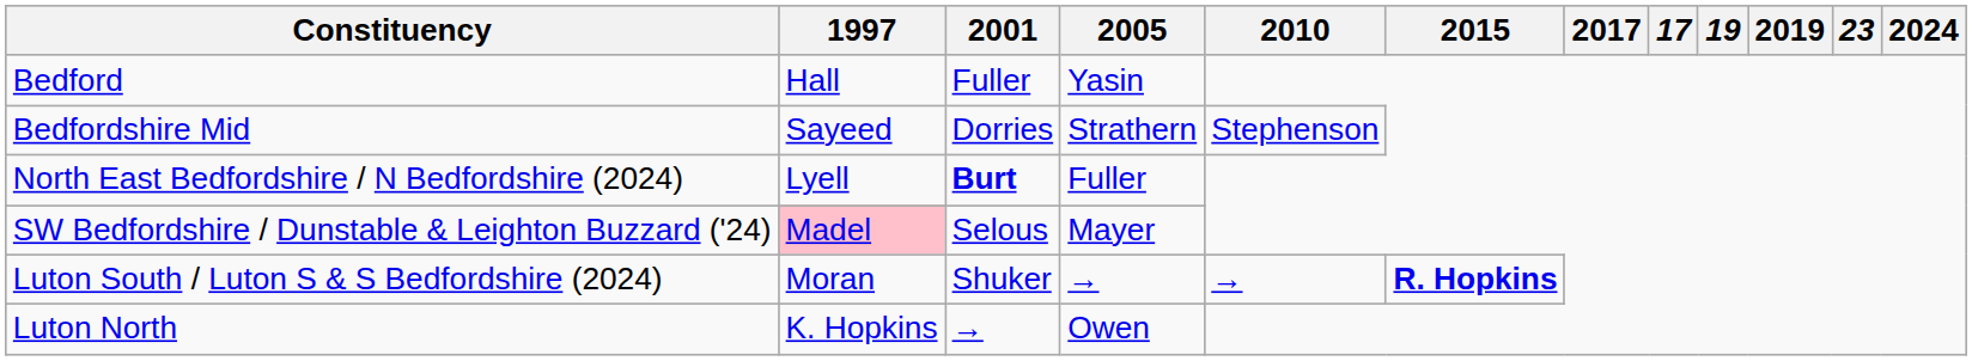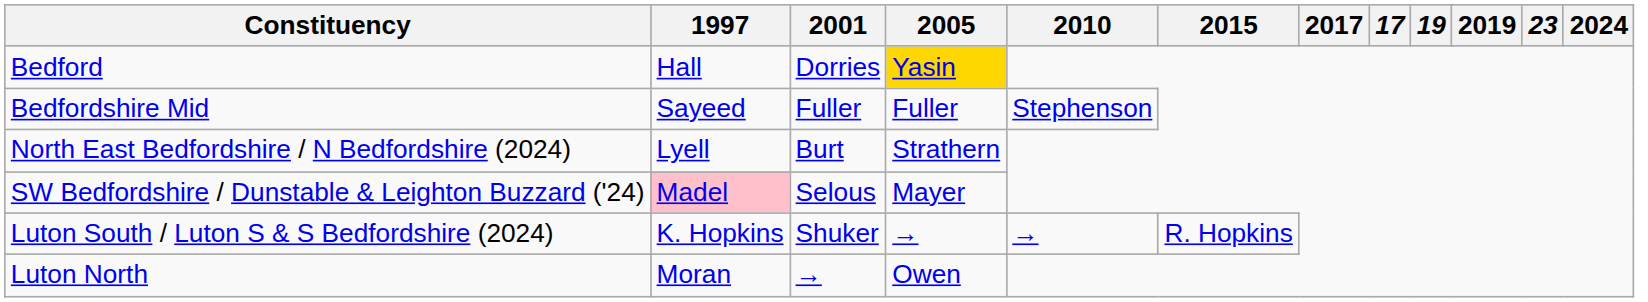 <table class="wikitable">
 <tr>
 <th>Constituency</th>
 <th>1997</th>
 <th>2001</th>
 <th>2005</th>
 <th>2010</th>
 <th>2015</th>
 <th>2017</th>
 <th><em>17</em></th>
 <th colspan="2"><em>19</em></th>
 <th>2019</th>
 <th><em>23</em></th>
 <th>2024</th>
 </tr>
 <tr>
 <td><a href='#'>Bedford</a></td>
 <td><a href='#'>Hall</a></td>
-<td><a href='#'>Fuller</a></td>
-<td><a href='#'>Yasin</a></td>
+<td><a href='#'>Dorries</a></td>
+<td style="background: gold;"><a href='#'>Yasin</a></td>
 </tr>
 <tr>
 <td><a href='#'>Bedfordshire Mid</a></td>
 <td><a href='#'>Sayeed</a></td>
-<td><a href='#'>Dorries</a></td>
-<td><a href='#'>Strathern</a></td>
+<td><a href='#'>Fuller</a></td>
+<td><a href='#'>Fuller</a></td>
 <td><a href='#'>Stephenson</a></td>
 </tr>
 <tr>
 <td><a href='#'>North East Bedfordshire</a> / <a href='#'>N Bedfordshire</a> (2024)</td>
 <td><a href='#'>Lyell</a></td>
-<td><strong><a href='#'>Burt</a></strong></td>
-<td><a href='#'>Fuller</a></td>
+<td><a href='#'>Burt</a></td>
+<td><a href='#'>Strathern</a></td>
 </tr>
 <tr>
 <td><a href='#'>SW Bedfordshire</a> / <a href='#'>Dunstable & Leighton Buzzard</a> ('24)</td>
 <td style="background: pink;"><a href='#'>Madel</a></td>
 <td><a href='#'>Selous</a></td>
 <td><a href='#'>Mayer</a></td>
 </tr>
 <tr>
 <td><a href='#'>Luton South</a> / <a href='#'>Luton S & S Bedfordshire</a> (2024)</td>
-<td><a href='#'>Moran</a></td>
+<td><a href='#'>K. Hopkins</a></td>
 <td><a href='#'>Shuker</a></td>
 <td><a href='#'>→</a></td>
 <td><a href='#'>→</a></td>
-<td><strong><a href='#'>R. Hopkins</a></strong></td>
+<td><a href='#'>R. Hopkins</a></td>
 </tr>
 <tr>
 <td><a href='#'>Luton North</a></td>
-<td><a href='#'>K. Hopkins</a></td>
+<td><a href='#'>Moran</a></td>
 <td><a href='#'>→</a></td>
 <td><a href='#'>Owen</a></td>
 </tr>
 </table>
